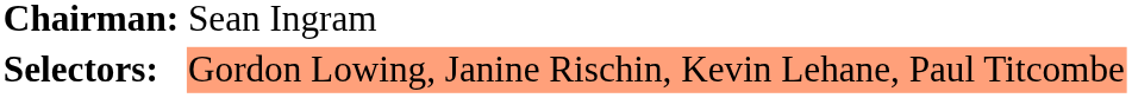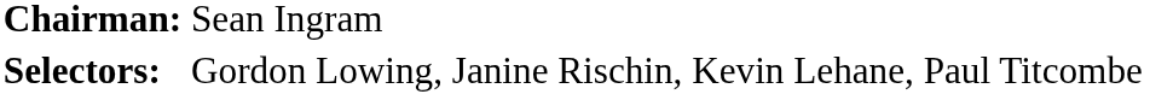 <table>
 <tr>
 <td><strong>Chairman:</strong></td>
 <td>Sean Ingram</td>
 </tr>
 <tr>
 <td><strong>Selectors:</strong></td>
-<td style="background: lightsalmon;">Gordon Lowing, Janine Rischin, Kevin Lehane, Paul Titcombe</td>
+<td>Gordon Lowing, Janine Rischin, Kevin Lehane, Paul Titcombe</td>
 </tr>
 </table>
